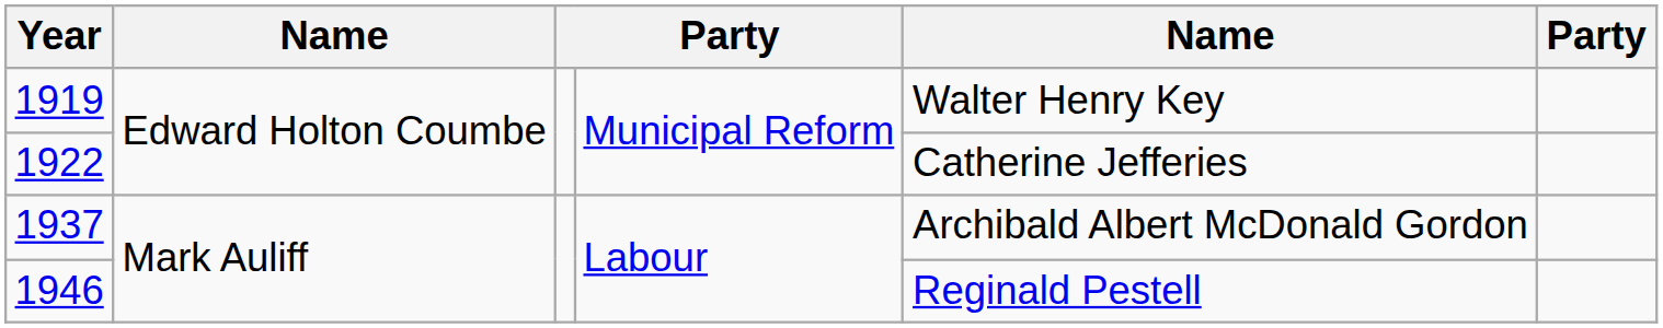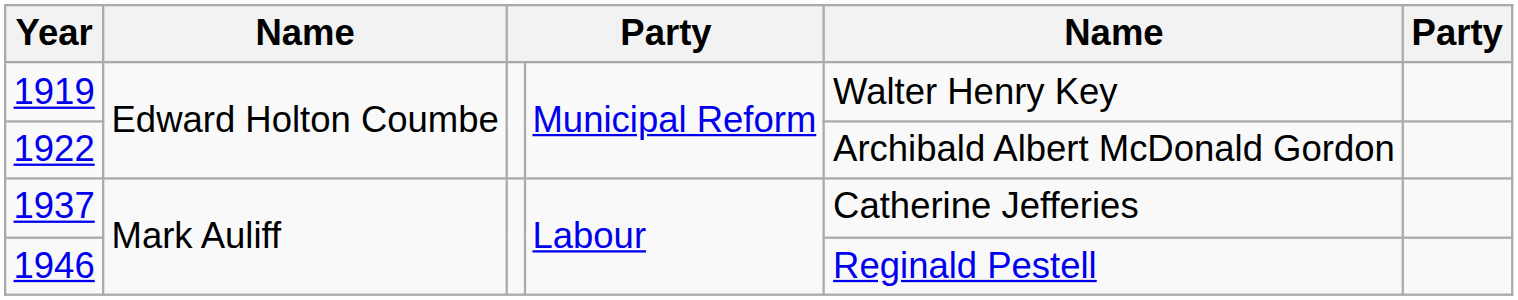 <table class="wikitable">
 <tr>
 <th>Year</th>
 <th>Name</th>
 <th colspan=2>Party</th>
 <th>Name</th>
 <th colspan=2>Party</th>
 </tr>
 <tr>
 <td><a href='#'>1919</a></td>
 <td rowspan=2>Edward Holton Coumbe</td>
 <td rowspan=2 style="background-color: "></td>
 <td rowspan=2><a href='#'>Municipal Reform</a></td>
 <td>Walter Henry Key</td>
 <td></td>
 </tr>
 <tr>
 <td><a href='#'>1922</a></td>
-<td>Catherine Jefferies</td>
+<td>Archibald Albert McDonald Gordon</td>
 <td></td>
 </tr>
 <tr>
 <td><a href='#'>1937</a></td>
 <td rowspan=2>Mark Auliff</td>
 <td rowspan=2 style="background-color: "></td>
 <td rowspan=2><a href='#'>Labour</a></td>
-<td>Archibald Albert McDonald Gordon</td>
+<td>Catherine Jefferies</td>
 <td></td>
 </tr>
 <tr>
 <td><a href='#'>1946</a></td>
 <td><a href='#'>Reginald Pestell</a></td>
 <td></td>
 </tr>
 </table>
